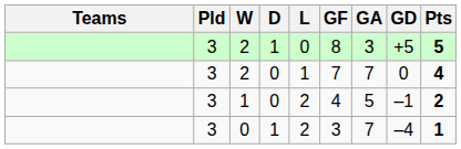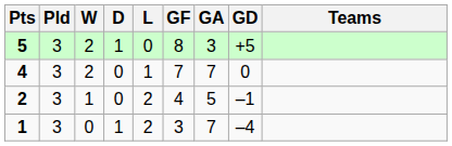 <table class="wikitable" style="text-align: center;">
 <tr>
-<th width=165>Teams</th>
+<th width=20>Pts</th>
 <th width=20>Pld</th>
 <th width=20>W</th>
 <th width=20>D</th>
 <th width=20>L</th>
 <th width=20>GF</th>
 <th width=20>GA</th>
 <th width=20>GD</th>
-<th width=20>Pts</th>
+<th width=165>Teams</th>
 </tr>
 <tr align=center style="background:#ccffcc;">
-<td style="text-align:left;"></td>
+<td><strong>5</strong></td>
 <td>3</td>
 <td>2</td>
 <td>1</td>
 <td>0</td>
 <td>8</td>
 <td>3</td>
 <td>+5</td>
-<td><strong>5</strong></td>
+<td style="text-align:left;"></td>
 </tr>
 <tr align=center>
-<td style="text-align:left;"></td>
+<td><strong>4</strong></td>
 <td>3</td>
 <td>2</td>
 <td>0</td>
 <td>1</td>
 <td>7</td>
 <td>7</td>
 <td>0</td>
-<td><strong>4</strong></td>
+<td style="text-align:left;"></td>
 </tr>
 <tr align=center>
-<td style="text-align:left;"></td>
+<td><strong>2</strong></td>
 <td>3</td>
 <td>1</td>
 <td>0</td>
 <td>2</td>
 <td>4</td>
 <td>5</td>
 <td>–1</td>
-<td><strong>2</strong></td>
+<td style="text-align:left;"></td>
 </tr>
 <tr align=center>
-<td style="text-align:left;"></td>
+<td><strong>1</strong></td>
 <td>3</td>
 <td>0</td>
 <td>1</td>
 <td>2</td>
 <td>3</td>
 <td>7</td>
 <td>–4</td>
-<td><strong>1</strong></td>
+<td style="text-align:left;"></td>
 </tr>
 </table>
